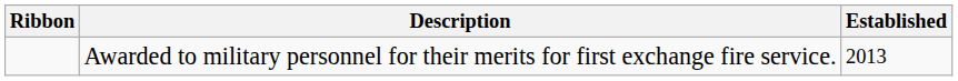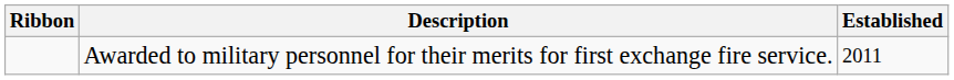 <table class="wikitable">
 <tr>
 <th>Ribbon</th>
 <th>Description</th>
 <th>Established</th>
 </tr>
 <tr>
 <td><big></big></td>
 <td><big>Awarded to military personnel for their merits for first exchange fire service.</big></td>
-<td>2013</td>
+<td>2011</td>
 </tr>
 </table>
